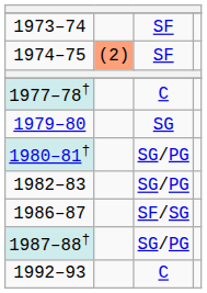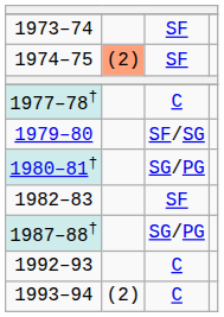 <table class= "wikitable">
 <tr style="text-align:center;">
 <th colspan="4"><a href='#'></a></th>
 </tr>
 <tr align=center>
 </tr>
 <tr align=center>
 <td>1973–74</td>
 <td></td>
 <td><a href='#'>SF</a></td>
 <td></td>
 </tr>
 <tr align=center>
 <td>1974–75</td>
 <td style="background: lightsalmon;"> (2)</td>
 <td><a href='#'>SF</a></td>
 <td></td>
 </tr>
 <tr style="text-align:center;">
 <th colspan="4"><a href='#'></a></th>
 </tr>
 <tr align=center>
 </tr>
 <tr align=center>
 <td style="background:#cfecec;">1977–78<sup>†</sup></td>
 <td></td>
 <td><a href='#'>C</a></td>
 <td></td>
 </tr>
 <tr align=center>
 <td><a href='#'>1979–80</a></td>
 <td></td>
-<td><a href='#'>SG</a></td>
+<td><a href='#'>SF</a>/<a href='#'>SG</a></td>
 <td></td>
 </tr>
 <tr align=center>
 <td style="background:#cfecec;"><a href='#'>1980–81</a><sup>†</sup></td>
 <td></td>
 <td><a href='#'>SG</a>/<a href='#'>PG</a></td>
 <td></td>
 </tr>
 <tr align=center>
 <td>1982–83</td>
 <td></td>
-<td><a href='#'>SG</a>/<a href='#'>PG</a></td>
-<td></td>
-</tr>
-<tr align=center>
-<td>1986–87</td>
-<td></td>
-<td><a href='#'>SF</a>/<a href='#'>SG</a></td>
+<td><a href='#'>SF</a></td>
 <td></td>
 </tr>
 <tr align=center>
 <td style="background:#cfecec;">1987–88<sup>†</sup></td>
 <td></td>
 <td><a href='#'>SG</a>/<a href='#'>PG</a></td>
 <td></td>
 </tr>
 <tr align=center>
 <td>1992–93</td>
 <td></td>
 <td><a href='#'>C</a></td>
 <td></td>
 </tr>
+<tr align=center>
+<td>1993–94</td>
+<td> (2)</td>
+<td><a href='#'>C</a></td>
+<td></td>
+</tr>
 </table>
